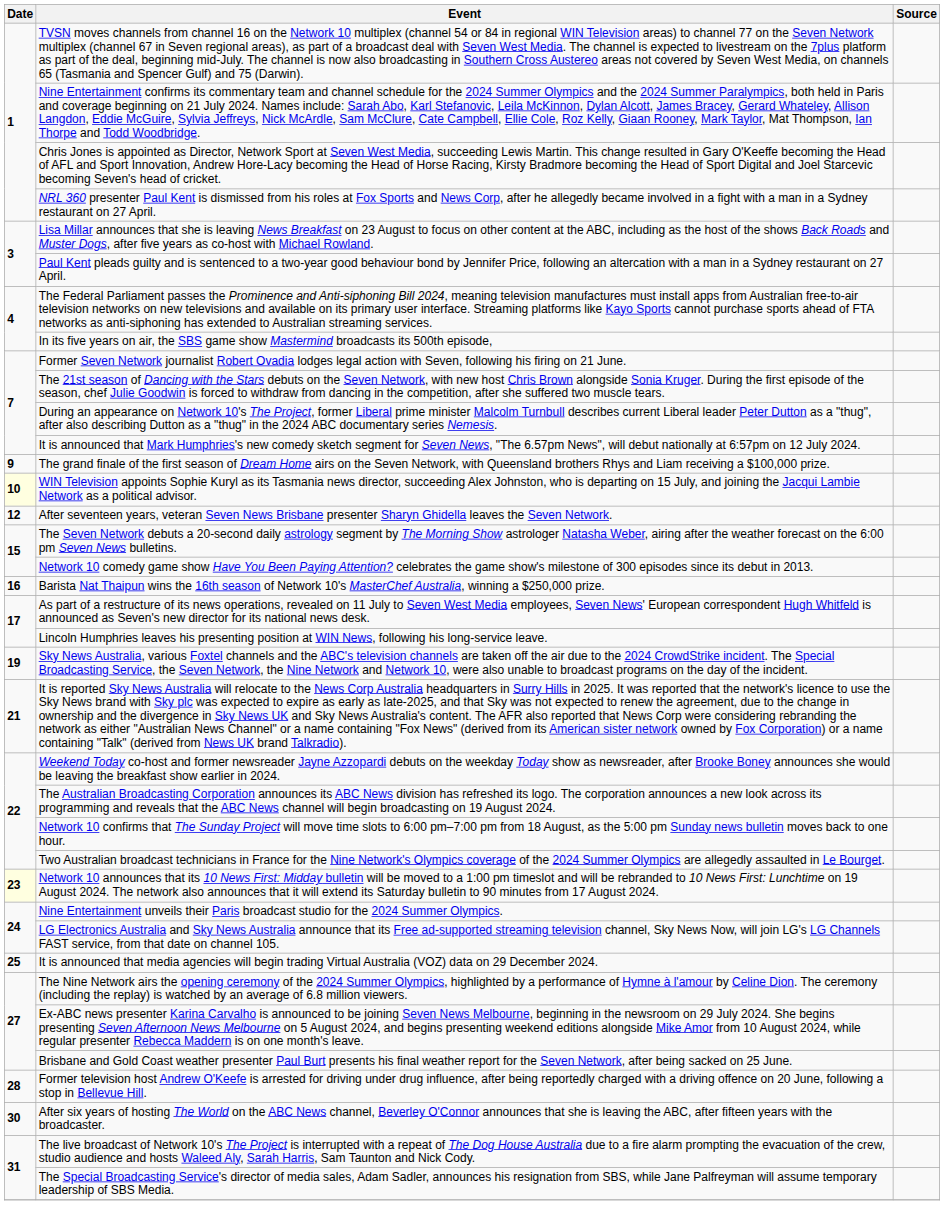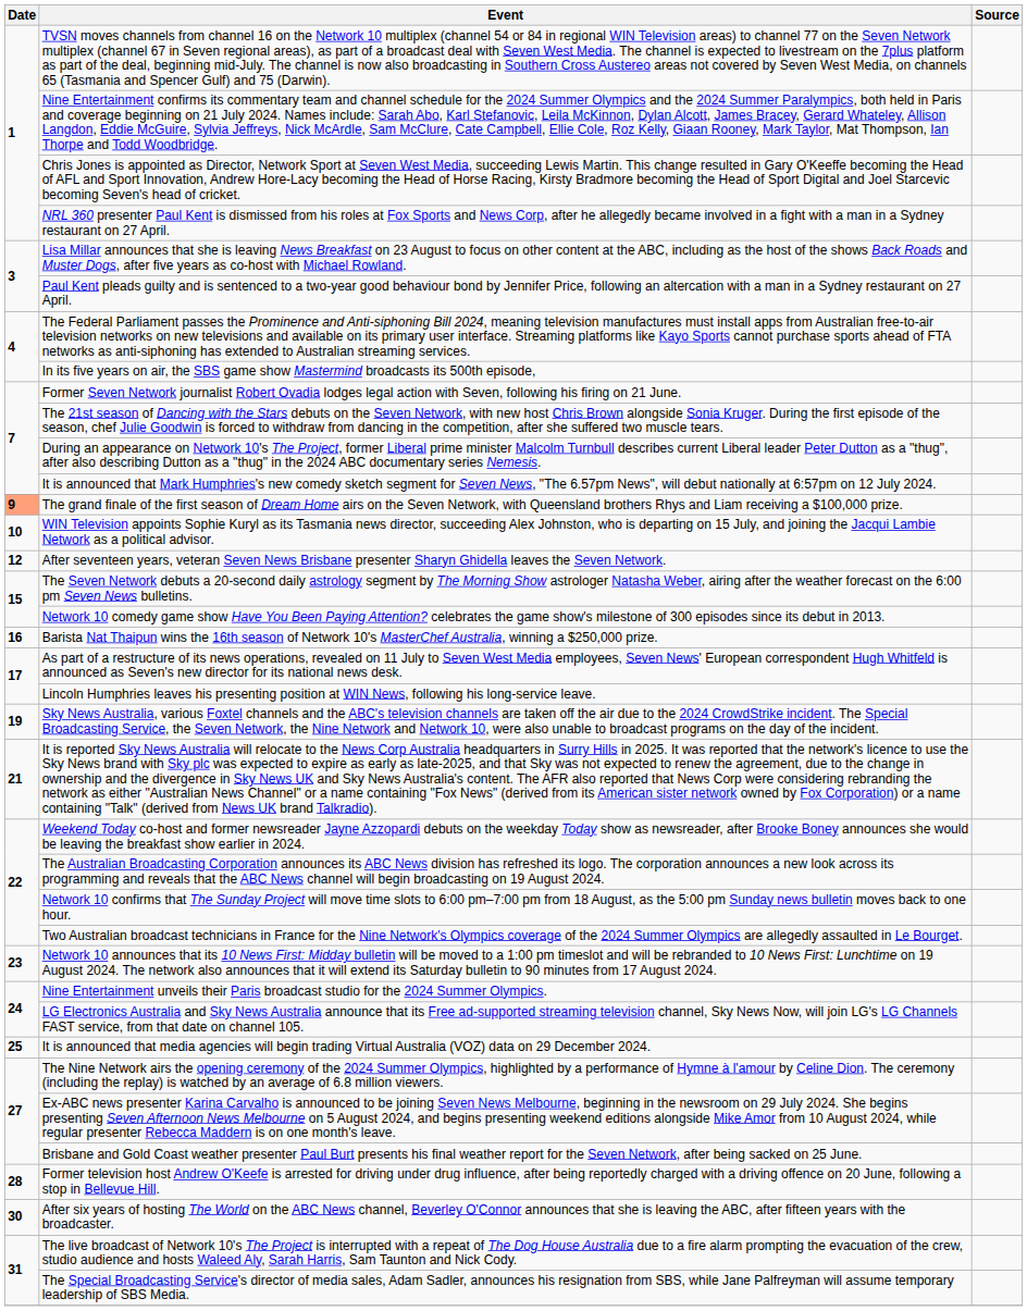 <table class="wikitable">
 <tr>
 <th>Date</th>
 <th>Event</th>
 <th>Source</th>
 </tr>
 <tr>
 <td rowspan=4><strong>1</strong></td>
 <td><a href='#'>TVSN</a> moves channels from channel 16 on the <a href='#'>Network 10</a> multiplex (channel 54 or 84 in regional <a href='#'>WIN Television</a> areas) to channel 77 on the <a href='#'>Seven Network</a> multiplex (channel 67 in Seven regional areas), as part of a broadcast deal with <a href='#'>Seven West Media</a>. The channel is expected to livestream on the <a href='#'>7plus</a> platform as part of the deal, beginning mid-July. The channel is now also broadcasting in <a href='#'>Southern Cross Austereo</a> areas not covered by Seven West Media, on channels 65 (Tasmania and Spencer Gulf) and 75 (Darwin).</td>
 <td></td>
 </tr>
 <tr>
 <td><a href='#'>Nine Entertainment</a> confirms its commentary team and channel schedule for the <a href='#'>2024 Summer Olympics</a> and the <a href='#'>2024 Summer Paralympics</a>, both held in Paris and coverage beginning on 21 July 2024. Names include: <a href='#'>Sarah Abo</a>, <a href='#'>Karl Stefanovic</a>, <a href='#'>Leila McKinnon</a>, <a href='#'>Dylan Alcott</a>, <a href='#'>James Bracey</a>, <a href='#'>Gerard Whateley</a>, <a href='#'>Allison Langdon</a>, <a href='#'>Eddie McGuire</a>, <a href='#'>Sylvia Jeffreys</a>, <a href='#'>Nick McArdle</a>, <a href='#'>Sam McClure</a>, <a href='#'>Cate Campbell</a>, <a href='#'>Ellie Cole</a>, <a href='#'>Roz Kelly</a>, <a href='#'>Giaan Rooney</a>, <a href='#'>Mark Taylor</a>, Mat Thompson, <a href='#'>Ian Thorpe</a> and <a href='#'>Todd Woodbridge</a>.</td>
 <td></td>
 </tr>
 <tr>
 <td>Chris Jones is appointed as Director, Network Sport at <a href='#'>Seven West Media</a>, succeeding Lewis Martin. This change resulted in Gary O'Keeffe becoming the Head of AFL and Sport Innovation, Andrew Hore-Lacy becoming the Head of Horse Racing, Kirsty Bradmore becoming the Head of Sport Digital and Joel Starcevic becoming Seven's head of cricket.</td>
 <td></td>
 </tr>
 <tr>
 <td><em><a href='#'>NRL 360</a></em> presenter <a href='#'>Paul Kent</a> is dismissed from his roles at <a href='#'>Fox Sports</a> and <a href='#'>News Corp</a>, after he allegedly became involved in a fight with a man in a Sydney restaurant on 27 April.</td>
 <td></td>
 </tr>
 <tr>
 <td rowspan=2><strong>3</strong></td>
 <td><a href='#'>Lisa Millar</a> announces that she is leaving <em><a href='#'>News Breakfast</a></em> on 23 August to focus on other content at the ABC, including as the host of the shows <a href='#'><em>Back Roads</em></a> and <em><a href='#'>Muster Dogs</a></em>, after five years as co-host with <a href='#'>Michael Rowland</a>.</td>
 <td></td>
 </tr>
 <tr>
 <td><a href='#'>Paul Kent</a> pleads guilty and is sentenced to a two-year good behaviour bond by Jennifer Price, following an altercation with a man in a Sydney restaurant on 27 April.</td>
 <td></td>
 </tr>
 <tr>
 <td rowspan=2><strong>4</strong></td>
 <td>The Federal Parliament passes the <em>Prominence and Anti-siphoning Bill 2024</em>, meaning television manufactures must install apps from Australian free-to-air television networks on new televisions and available on its primary user interface. Streaming platforms like <a href='#'>Kayo Sports</a> cannot purchase sports ahead of FTA networks as anti-siphoning has extended to Australian streaming services.</td>
 <td></td>
 </tr>
 <tr>
 <td>In its five years on air, the <a href='#'>SBS</a> game show <em><a href='#'>Mastermind</a></em> broadcasts its 500th episode,</td>
 <td></td>
 </tr>
 <tr>
 <td rowspan=4><strong>7</strong></td>
 <td>Former <a href='#'>Seven Network</a> journalist <a href='#'>Robert Ovadia</a> lodges legal action with Seven, following his firing on 21 June.</td>
 <td></td>
 </tr>
 <tr>
 <td>The <a href='#'>21st season</a> of <em><a href='#'>Dancing with the Stars</a></em> debuts on the <a href='#'>Seven Network</a>, with new host <a href='#'>Chris Brown</a> alongside <a href='#'>Sonia Kruger</a>. During the first episode of the season, chef <a href='#'>Julie Goodwin</a> is forced to withdraw from dancing in the competition, after she suffered two muscle tears.</td>
 <td></td>
 </tr>
 <tr>
 <td>During an appearance on <a href='#'>Network 10</a>'s <em><a href='#'>The Project</a></em>, former <a href='#'>Liberal</a> prime minister <a href='#'>Malcolm Turnbull</a> describes current Liberal leader <a href='#'>Peter Dutton</a> as a "thug", after also describing Dutton as a "thug" in the 2024 ABC documentary series <em><a href='#'>Nemesis</a></em>.</td>
 <td></td>
 </tr>
 <tr>
 <td>It is announced that <a href='#'>Mark Humphries</a>'s new comedy sketch segment for <em><a href='#'>Seven News</a></em>, "The 6.57pm News", will debut nationally at 6:57pm on 12 July 2024.</td>
 <td></td>
 </tr>
 <tr>
-<td><strong>9</strong></td>
+<td style="background: lightsalmon;"><strong>9</strong></td>
 <td>The grand finale of the first season of <em><a href='#'>Dream Home</a></em> airs on the Seven Network, with Queensland brothers Rhys and Liam receiving a $100,000 prize.</td>
 <td></td>
 </tr>
 <tr>
-<td style="background: lightyellow;"><strong>10</strong></td>
+<td><strong>10</strong></td>
 <td><a href='#'>WIN Television</a> appoints Sophie Kuryl as its Tasmania news director, succeeding Alex Johnston, who is departing on 15 July, and joining the <a href='#'>Jacqui Lambie Network</a> as a political advisor.</td>
 <td></td>
 </tr>
 <tr>
 <td><strong>12</strong></td>
 <td>After seventeen years, veteran <a href='#'>Seven News Brisbane</a> presenter <a href='#'>Sharyn Ghidella</a> leaves the <a href='#'>Seven Network</a>.</td>
 <td></td>
 </tr>
 <tr>
 <td rowspan="2"><strong>15</strong></td>
 <td>The <a href='#'>Seven Network</a> debuts a 20-second daily <a href='#'>astrology</a> segment by <em><a href='#'>The Morning Show</a></em> astrologer <a href='#'>Natasha Weber</a>, airing after the weather forecast on the 6:00 pm <em><a href='#'>Seven News</a></em> bulletins.</td>
 <td></td>
 </tr>
 <tr>
 <td><a href='#'>Network 10</a> comedy game show <em><a href='#'>Have You Been Paying Attention?</a></em> celebrates the game show's milestone of 300 episodes since its debut in 2013.</td>
 <td></td>
 </tr>
 <tr>
 <td><strong>16</strong></td>
 <td>Barista <a href='#'>Nat Thaipun</a> wins the <a href='#'>16th season</a> of Network 10's <em><a href='#'>MasterChef Australia</a></em>, winning a $250,000 prize.</td>
 <td></td>
 </tr>
 <tr>
 <td rowspan=2><strong>17</strong></td>
 <td>As part of a restructure of its news operations, revealed on 11 July to <a href='#'>Seven West Media</a> employees, <a href='#'>Seven News</a>' European correspondent <a href='#'>Hugh Whitfeld</a> is announced as Seven's new director for its national news desk.</td>
 <td></td>
 </tr>
 <tr>
 <td>Lincoln Humphries leaves his presenting position at <a href='#'>WIN News</a>, following his long-service leave.</td>
 <td></td>
 </tr>
 <tr>
 <td><strong>19</strong></td>
 <td><a href='#'>Sky News Australia</a>, various <a href='#'>Foxtel</a> channels and the <a href='#'>ABC's television channels</a> are taken off the air due to the <a href='#'>2024 CrowdStrike incident</a>. The <a href='#'>Special Broadcasting Service</a>, the <a href='#'>Seven Network</a>, the <a href='#'>Nine Network</a> and <a href='#'>Network 10</a>, were also unable to broadcast programs on the day of the incident.</td>
 <td></td>
 </tr>
 <tr>
 <td><strong>21</strong></td>
 <td>It is reported <a href='#'>Sky News Australia</a> will relocate to the <a href='#'>News Corp Australia</a> headquarters in <a href='#'>Surry Hills</a> in 2025. It was reported that the network's licence to use the Sky News brand with <a href='#'>Sky plc</a> was expected to expire as early as late-2025, and that Sky was not expected to renew the agreement, due to the change in ownership and the divergence in <a href='#'>Sky News UK</a> and Sky News Australia's content. The AFR also reported that News Corp were considering rebranding the network as either "Australian News Channel" or a name containing "Fox News" (derived from its <a href='#'>American sister network</a> owned by <a href='#'>Fox Corporation</a>) or a name containing "Talk" (derived from <a href='#'>News UK</a> brand <a href='#'>Talkradio</a>).</td>
 <td></td>
 </tr>
 <tr>
 <td rowspan="4"><strong>22</strong></td>
 <td><em><a href='#'>Weekend Today</a></em> co-host and former newsreader <a href='#'>Jayne Azzopardi</a> debuts on the weekday <em><a href='#'>Today</a></em> show as newsreader, after <a href='#'>Brooke Boney</a> announces she would be leaving the breakfast show earlier in 2024.</td>
 <td></td>
 </tr>
 <tr>
 <td>The <a href='#'>Australian Broadcasting Corporation</a> announces its <a href='#'>ABC News</a> division has refreshed its logo. The corporation announces a new look across its programming and reveals that the <a href='#'>ABC News</a> channel will begin broadcasting on 19 August 2024.</td>
 <td></td>
 </tr>
 <tr>
 <td><a href='#'>Network 10</a> confirms that <em><a href='#'>The Sunday Project</a></em> will move time slots to 6:00 pm–7:00 pm from 18 August, as the 5:00 pm <a href='#'>Sunday news bulletin</a> moves back to one hour.</td>
 <td></td>
 </tr>
 <tr>
 <td>Two Australian broadcast technicians in France for the <a href='#'>Nine Network's Olympics coverage</a> of the <a href='#'>2024 Summer Olympics</a> are allegedly assaulted in <a href='#'>Le Bourget</a>.</td>
 <td></td>
 </tr>
 <tr>
-<td style="background: lightyellow;"><strong>23</strong></td>
+<td><strong>23</strong></td>
 <td><a href='#'>Network 10</a> announces that its <a href='#'><em>10 News First: Midday</em> bulletin</a> will be moved to a 1:00 pm timeslot and will be rebranded to <em>10 News First: Lunchtime</em> on 19 August 2024. The network also announces that it will extend its Saturday bulletin to 90 minutes from 17 August 2024.</td>
 <td></td>
 </tr>
 <tr>
 <td rowspan=2><strong>24</strong></td>
 <td><a href='#'>Nine Entertainment</a> unveils their <a href='#'>Paris</a> broadcast studio for the <a href='#'>2024 Summer Olympics</a>.</td>
 <td></td>
 </tr>
 <tr>
 <td><a href='#'>LG Electronics Australia</a> and <a href='#'>Sky News Australia</a> announce that its <a href='#'>Free ad-supported streaming television</a> channel, Sky News Now, will join LG's <a href='#'>LG Channels</a> FAST service, from that date on channel 105.</td>
 <td></td>
 </tr>
 <tr>
 <td><strong>25</strong></td>
 <td>It is announced that media agencies will begin trading Virtual Australia (VOZ) data on 29 December 2024.</td>
 <td></td>
 </tr>
 <tr>
 <td rowspan=3><strong>27</strong></td>
 <td>The Nine Network airs the <a href='#'>opening ceremony</a> of the <a href='#'>2024 Summer Olympics</a>, highlighted by a performance of <a href='#'>Hymne à l'amour</a> by <a href='#'>Celine Dion</a>. The ceremony (including the replay) is watched by an average of 6.8 million viewers.</td>
 <td></td>
 </tr>
 <tr>
 <td>Ex-ABC news presenter <a href='#'>Karina Carvalho</a> is announced to be joining <a href='#'>Seven News Melbourne</a>, beginning in the newsroom on 29 July 2024. She begins presenting <a href='#'><em>Seven Afternoon News Melbourne</em></a> on 5 August 2024, and begins presenting weekend editions alongside <a href='#'>Mike Amor</a> from 10 August 2024, while regular presenter <a href='#'>Rebecca Maddern</a> is on one month's leave.</td>
 <td></td>
 </tr>
 <tr>
 <td>Brisbane and Gold Coast weather presenter <a href='#'>Paul Burt</a> presents his final weather report for the <a href='#'>Seven Network</a>, after being sacked on 25 June.</td>
 <td></td>
 </tr>
 <tr>
 <td><strong>28</strong></td>
 <td>Former television host <a href='#'>Andrew O'Keefe</a> is arrested for driving under drug influence, after being reportedly charged with a driving offence on 20 June, following a stop in <a href='#'>Bellevue Hill</a>.</td>
 <td></td>
 </tr>
 <tr>
 <td><strong>30</strong></td>
 <td>After six years of hosting <em><a href='#'>The World</a></em> on the <a href='#'>ABC News</a> channel, <a href='#'>Beverley O'Connor</a> announces that she is leaving the ABC, after fifteen years with the broadcaster.</td>
 <td></td>
 </tr>
 <tr>
 <td rowspan=2><strong>31</strong></td>
 <td>The live broadcast of Network 10's <em><a href='#'>The Project</a></em> is interrupted with a repeat of <em><a href='#'>The Dog House Australia</a></em> due to a fire alarm prompting the evacuation of the crew, studio audience and hosts <a href='#'>Waleed Aly</a>, <a href='#'>Sarah Harris</a>, Sam Taunton and Nick Cody.</td>
 <td></td>
 </tr>
 <tr>
 <td>The <a href='#'>Special Broadcasting Service</a>'s director of media sales, Adam Sadler, announces his resignation from SBS, while Jane Palfreyman will assume temporary leadership of SBS Media.</td>
 <td></td>
 </tr>
 <tr>
 </tr>
 </table>
